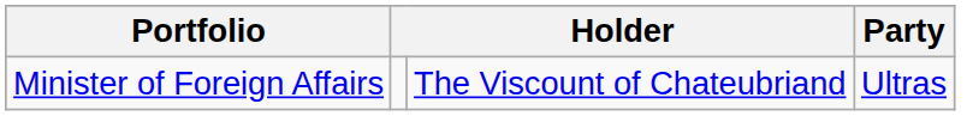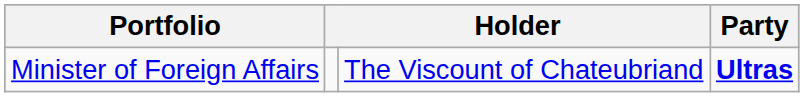 <table class="wikitable">
 <tr>
 <th>Portfolio</th>
 <th colspan=2>Holder</th>
 <th>Party</th>
 </tr>
 <tr>
 <td><a href='#'>Minister of Foreign Affairs</a></td>
 <td style="background:"></td>
 <td><a href='#'>The Viscount of Chateubriand</a></td>
-<td><a href='#'>Ultras</a></td>
+<td><strong><a href='#'>Ultras</a></strong></td>
 </tr>
 </table>
